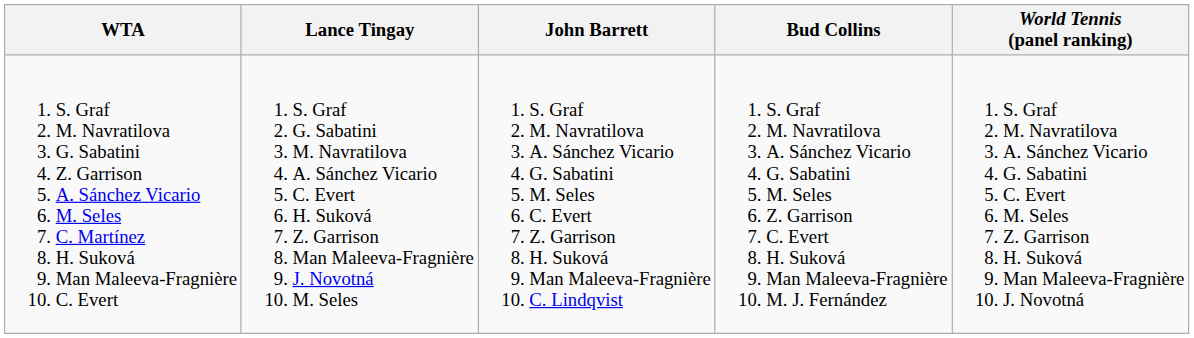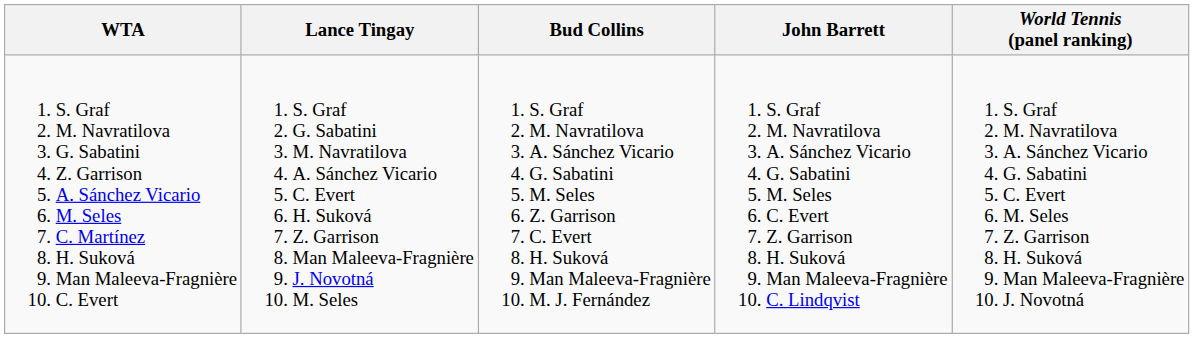 <table class="wikitable">
 <tr>
 <th>WTA</th>
 <th>Lance Tingay</th>
+<th>Bud Collins</th>
 <th>John Barrett</th>
-<th>Bud Collins</th>
 <th><em>World Tennis<br></em>(panel ranking)</th>
 </tr>
 <tr style="vertical-align: top;">
 <td style="white-space: nowrap;"><br><ol><li> S. Graf</li><li> M. Navratilova</li><li> G. Sabatini</li><li> Z. Garrison</li><li> <a href='#'>A. Sánchez Vicario</a></li><li> <a href='#'>M. Seles</a></li><li> <a href='#'>C. Martínez</a></li><li> H. Suková</li><li> Man Maleeva-Fragnière</li><li> C. Evert</li></ol></td>
 <td style="white-space: nowrap;"><br><ol><li> S. Graf</li><li> G. Sabatini</li><li> M. Navratilova</li><li> A. Sánchez Vicario</li><li> C. Evert</li><li> H. Suková</li><li> Z. Garrison</li><li> Man Maleeva-Fragnière</li><li> <a href='#'>J. Novotná</a></li><li> M. Seles</li></ol></td>
+<td style="white-space: nowrap;"><br><ol><li> S. Graf</li><li> M. Navratilova</li><li> A. Sánchez Vicario</li><li> G. Sabatini</li><li> M. Seles</li><li> Z. Garrison</li><li> C. Evert</li><li> H. Suková</li><li> Man Maleeva-Fragnière</li><li> M. J. Fernández</li></ol></td>
 <td style="white-space: nowrap;"><br><ol><li> S. Graf</li><li> M. Navratilova</li><li> A. Sánchez Vicario</li><li> G. Sabatini</li><li> M. Seles</li><li> C. Evert</li><li> Z. Garrison</li><li> H. Suková</li><li> Man Maleeva-Fragnière</li><li> <a href='#'>C. Lindqvist</a></li></ol></td>
-<td style="white-space: nowrap;"><br><ol><li> S. Graf</li><li> M. Navratilova</li><li> A. Sánchez Vicario</li><li> G. Sabatini</li><li> M. Seles</li><li> Z. Garrison</li><li> C. Evert</li><li> H. Suková</li><li> Man Maleeva-Fragnière</li><li> M. J. Fernández</li></ol></td>
 <td style="white-space: nowrap;"><br><ol><li> S. Graf</li><li> M. Navratilova</li><li> A. Sánchez Vicario</li><li> G. Sabatini</li><li> C. Evert</li><li> M. Seles</li><li> Z. Garrison</li><li> H. Suková</li><li> Man Maleeva-Fragnière</li><li> J. Novotná</li></ol></td>
 </tr>
 </table>
